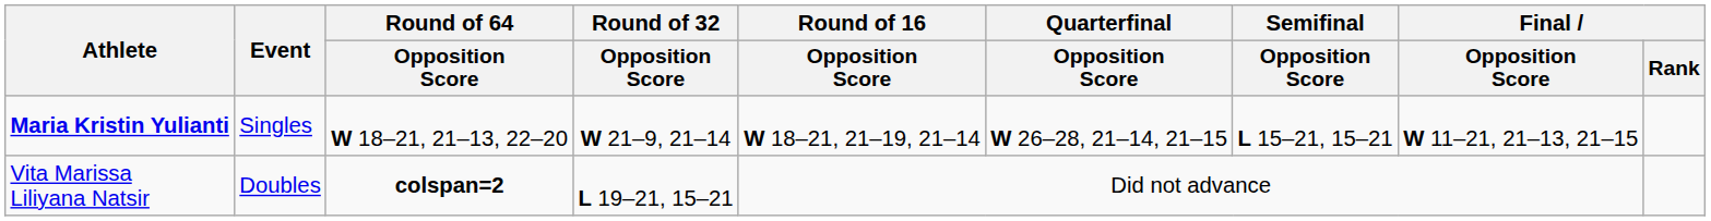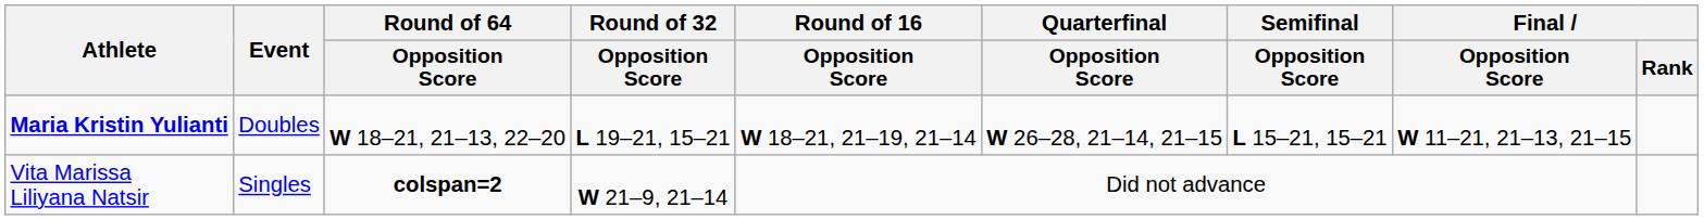 <table class=wikitable style="font-size:90%">
 <tr>
 <th rowspan="2">Athlete</th>
 <th rowspan="2">Event</th>
 <th>Round of 64</th>
 <th>Round of 32</th>
 <th>Round of 16</th>
 <th>Quarterfinal</th>
 <th>Semifinal</th>
 <th colspan=2>Final / </th>
 </tr>
 <tr style="font-size:95%">
 <th>Opposition<br>Score</th>
 <th>Opposition<br>Score</th>
 <th>Opposition<br>Score</th>
 <th>Opposition<br>Score</th>
 <th>Opposition<br>Score</th>
 <th>Opposition<br>Score</th>
 <th>Rank</th>
 </tr>
 <tr align=center>
 <td align=left><strong><a href='#'>Maria Kristin Yulianti</a></strong></td>
-<td align=left><a href='#'>Singles</a></td>
+<td align=left><a href='#'>Doubles</a></td>
 <td><br><strong>W</strong> 18–21, 21–13, 22–20</td>
-<td><br><strong>W</strong> 21–9, 21–14</td>
+<td><br><strong>L</strong> 19–21, 15–21</td>
 <td><br><strong>W</strong> 18–21, 21–19, 21–14</td>
 <td><br><strong>W</strong> 26–28, 21–14, 21–15</td>
 <td><br><strong>L</strong> 15–21, 15–21</td>
 <td><br><strong>W</strong> 11–21, 21–13, 21–15</td>
 <td></td>
 </tr>
 <tr align=center>
 <td align=left><a href='#'>Vita Marissa</a> <br> <a href='#'>Liliyana Natsir</a></td>
-<td align=left><a href='#'>Doubles</a></td>
+<td align=left><a href='#'>Singles</a></td>
 <td><strong>colspan=2 </strong></td>
-<td><br><strong>L</strong> 19–21, 15–21</td>
+<td><br><strong>W</strong> 21–9, 21–14</td>
 <td colspan=4>Did not advance</td>
 </tr>
 </table>
